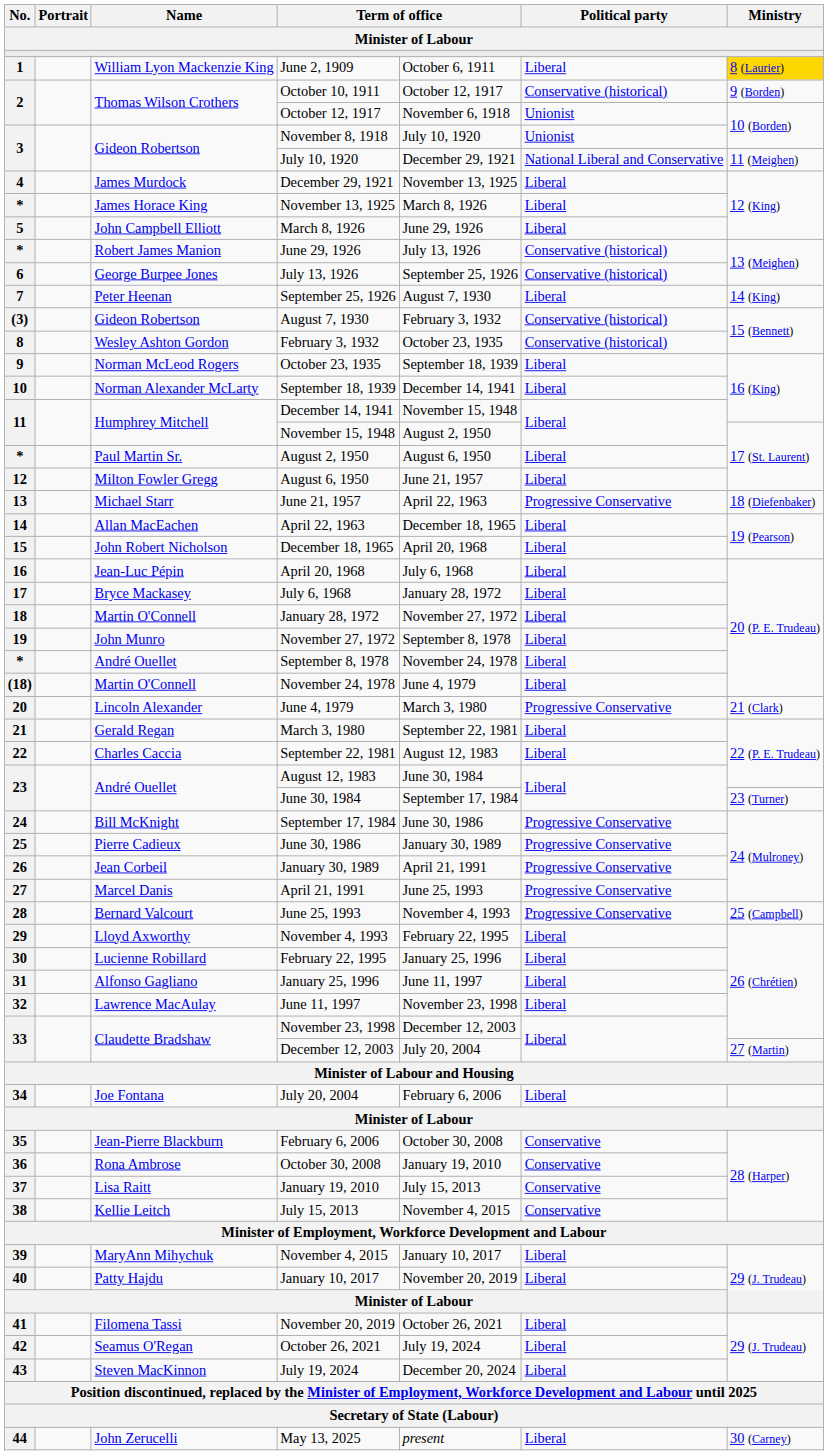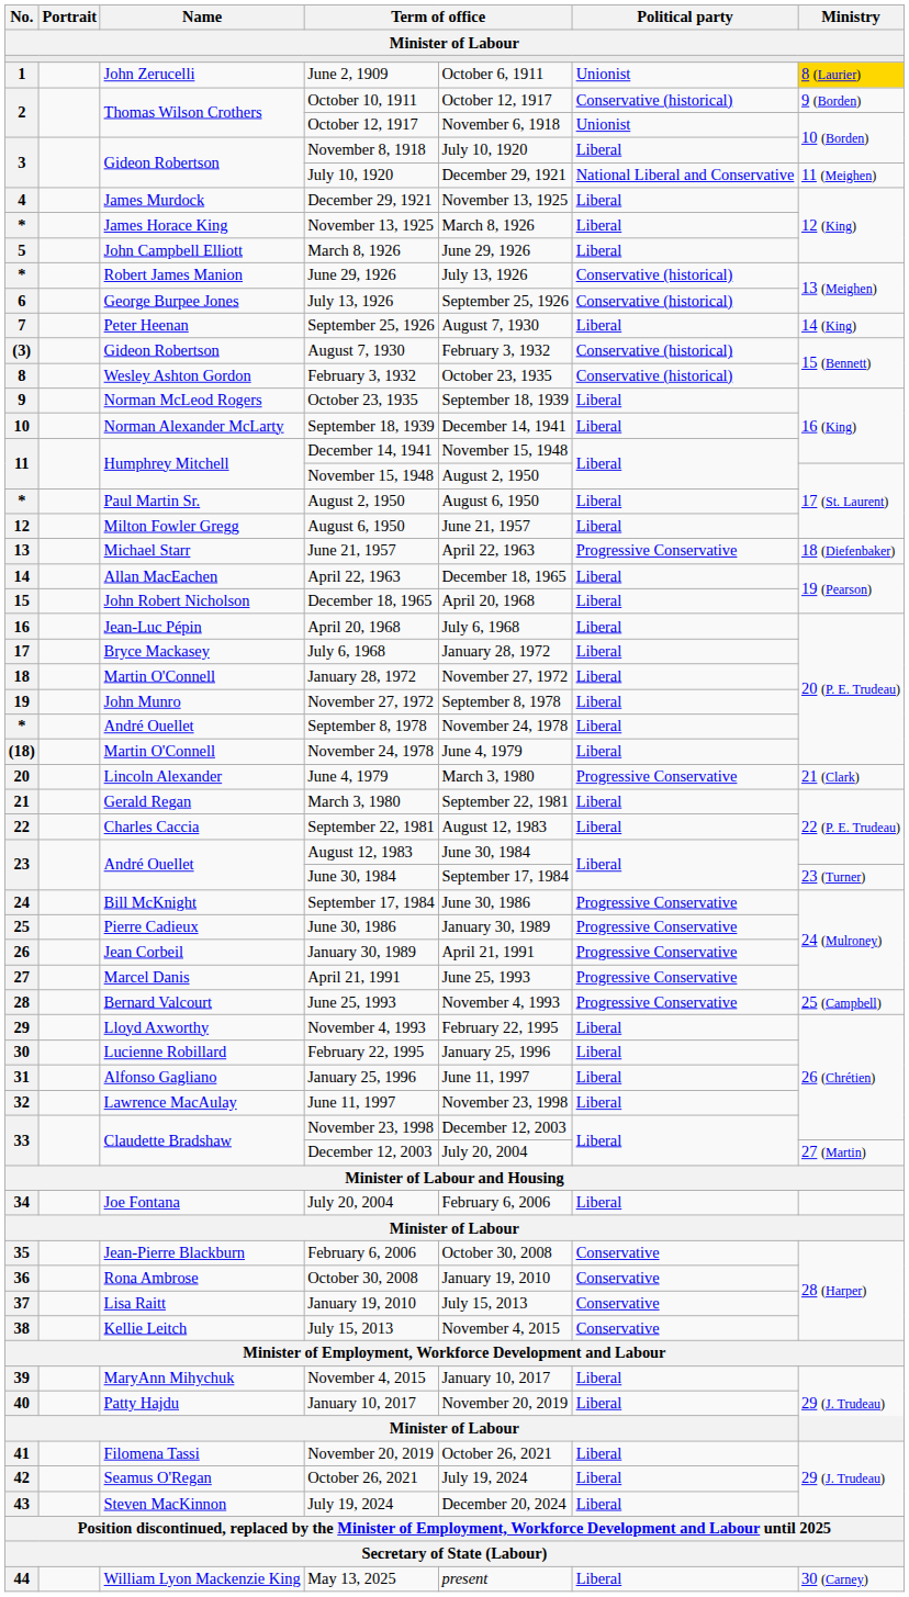 <table class="wikitable">
 <tr>
 <th>No.</th>
 <th>Portrait</th>
 <th>Name</th>
 <th colspan=2>Term of office</th>
 <th>Political party</th>
 <th>Ministry</th>
 </tr>
 <tr>
 <th colspan="7" scope="row">Minister of Labour</th>
 </tr>
 <tr>
 <td colspan="7" style="background: #ececec; color: #2C2C2C; vertical-align: middle;"></td>
 </tr>
 <tr>
 <th scope="row" style="background:">1</th>
 <td></td>
-<td><a href='#'>William Lyon Mackenzie King</a></td>
+<td><a href='#'>John Zerucelli</a></td>
 <td>June 2, 1909</td>
 <td>October 6, 1911</td>
-<td><a href='#'>Liberal</a></td>
+<td><a href='#'>Unionist</a></td>
 <td style="background: gold;"><a href='#'>8</a> <small>(<a href='#'>Laurier</a>)</small></td>
 </tr>
 <tr>
 <th scope="row" rowspan=2 style="background:">2</th>
 <td rowspan=2></td>
 <td rowspan=2><a href='#'>Thomas Wilson Crothers</a></td>
 <td>October 10, 1911</td>
 <td>October 12, 1917</td>
 <td><a href='#'>Conservative (historical)</a></td>
 <td><a href='#'>9</a> <small>(<a href='#'>Borden</a>)</small></td>
 </tr>
 <tr>
 <td>October 12, 1917</td>
 <td>November 6, 1918</td>
 <td><a href='#'>Unionist</a></td>
 <td rowspan=2><a href='#'>10</a> <small>(<a href='#'>Borden</a>)</small></td>
 </tr>
 <tr>
 <th scope="row" rowspan=2 style="background:">3</th>
 <td rowspan=2></td>
 <td rowspan=2><a href='#'>Gideon Robertson</a><br></td>
 <td>November 8, 1918</td>
 <td>July 10, 1920</td>
-<td><a href='#'>Unionist</a></td>
+<td><a href='#'>Liberal</a></td>
 </tr>
 <tr>
 <td>July 10, 1920</td>
 <td>December 29, 1921</td>
 <td><a href='#'>National Liberal and Conservative</a></td>
 <td><a href='#'>11</a> <small>(<a href='#'>Meighen</a>)</small></td>
 </tr>
 <tr>
 <th scope="row" style="background:">4</th>
 <td></td>
 <td><a href='#'>James Murdock</a></td>
 <td>December 29, 1921</td>
 <td>November 13, 1925</td>
 <td><a href='#'>Liberal</a></td>
 <td rowspan=3><a href='#'>12</a> <small>(<a href='#'>King</a>)</small></td>
 </tr>
 <tr>
 <th scope="row" style="background:">*</th>
 <td></td>
 <td><a href='#'>James Horace King</a><br></td>
 <td>November 13, 1925</td>
 <td>March 8, 1926</td>
 <td><a href='#'>Liberal</a></td>
 </tr>
 <tr>
 <th scope="row" style="background:">5</th>
 <td></td>
 <td><a href='#'>John Campbell Elliott</a></td>
 <td>March 8, 1926</td>
 <td>June 29, 1926</td>
 <td><a href='#'>Liberal</a></td>
 </tr>
 <tr>
 <th scope="row" style="background:">*</th>
 <td></td>
 <td><a href='#'>Robert James Manion</a><br></td>
 <td>June 29, 1926</td>
 <td>July 13, 1926</td>
 <td><a href='#'>Conservative (historical)</a></td>
 <td rowspan=2><a href='#'>13</a> <small>(<a href='#'>Meighen</a>)</small></td>
 </tr>
 <tr>
 <th scope="row" style="background:">6</th>
 <td></td>
 <td><a href='#'>George Burpee Jones</a></td>
 <td>July 13, 1926</td>
 <td>September 25, 1926</td>
 <td><a href='#'>Conservative (historical)</a></td>
 </tr>
 <tr>
 <th scope="row" style="background:">7</th>
 <td></td>
 <td><a href='#'>Peter Heenan</a></td>
 <td>September 25, 1926</td>
 <td>August 7, 1930</td>
 <td><a href='#'>Liberal</a></td>
 <td><a href='#'>14</a> <small>(<a href='#'>King</a>)</small></td>
 </tr>
 <tr>
 <th scope="row" style="background:">(3)</th>
 <td></td>
 <td><a href='#'>Gideon Robertson</a><br></td>
 <td>August 7, 1930</td>
 <td>February 3, 1932</td>
 <td><a href='#'>Conservative (historical)</a></td>
 <td rowspan=2><a href='#'>15</a> <small>(<a href='#'>Bennett</a>)</small></td>
 </tr>
 <tr>
 <th scope="row" style="background:">8</th>
 <td></td>
 <td><a href='#'>Wesley Ashton Gordon</a></td>
 <td>February 3, 1932</td>
 <td>October 23, 1935</td>
 <td><a href='#'>Conservative (historical)</a></td>
 </tr>
 <tr>
 <th scope="row" style="background:">9</th>
 <td></td>
 <td><a href='#'>Norman McLeod Rogers</a></td>
 <td>October 23, 1935</td>
 <td>September 18, 1939</td>
 <td><a href='#'>Liberal</a></td>
 <td rowspan=3><a href='#'>16</a> <small>(<a href='#'>King</a>)</small></td>
 </tr>
 <tr>
 <th scope="row" style="background:">10</th>
 <td></td>
 <td><a href='#'>Norman Alexander McLarty</a></td>
 <td>September 18, 1939</td>
 <td>December 14, 1941</td>
 <td><a href='#'>Liberal</a></td>
 </tr>
 <tr>
 <th scope="row" rowspan=2 style="background:">11</th>
 <td rowspan=2></td>
 <td rowspan=2><a href='#'>Humphrey Mitchell</a></td>
 <td>December 14, 1941</td>
 <td>November 15, 1948</td>
 <td rowspan=2><a href='#'>Liberal</a></td>
 </tr>
 <tr>
 <td>November 15, 1948</td>
 <td>August 2, 1950</td>
 <td rowspan=3><a href='#'>17</a> <small>(<a href='#'>St. Laurent</a>)</small></td>
 </tr>
 <tr>
 <th scope="row" style="background:">*</th>
 <td></td>
 <td><a href='#'>Paul Martin Sr.</a><br></td>
 <td>August 2, 1950</td>
 <td>August 6, 1950</td>
 <td><a href='#'>Liberal</a></td>
 </tr>
 <tr>
 <th scope="row" style="background:">12</th>
 <td></td>
 <td><a href='#'>Milton Fowler Gregg</a></td>
 <td>August 6, 1950</td>
 <td>June 21, 1957</td>
 <td><a href='#'>Liberal</a></td>
 </tr>
 <tr>
 <th scope="row" style="background:">13</th>
 <td></td>
 <td><a href='#'>Michael Starr</a></td>
 <td>June 21, 1957</td>
 <td>April 22, 1963</td>
 <td><a href='#'>Progressive Conservative</a></td>
 <td><a href='#'>18</a> <small>(<a href='#'>Diefenbaker</a>)</small></td>
 </tr>
 <tr>
 <th scope="row" style="background:">14</th>
 <td></td>
 <td><a href='#'>Allan MacEachen</a></td>
 <td>April 22, 1963</td>
 <td>December 18, 1965</td>
 <td><a href='#'>Liberal</a></td>
 <td rowspan=2><a href='#'>19</a> <small>(<a href='#'>Pearson</a>)</small></td>
 </tr>
 <tr>
 <th scope="row" style="background:">15</th>
 <td></td>
 <td><a href='#'>John Robert Nicholson</a></td>
 <td>December 18, 1965</td>
 <td>April 20, 1968</td>
 <td><a href='#'>Liberal</a></td>
 </tr>
 <tr>
 <th scope="row" style="background:">16</th>
 <td></td>
 <td><a href='#'>Jean-Luc Pépin</a></td>
 <td>April 20, 1968</td>
 <td>July 6, 1968</td>
 <td><a href='#'>Liberal</a></td>
 <td rowspan=6><a href='#'>20</a> <small>(<a href='#'>P. E. Trudeau</a>)</small></td>
 </tr>
 <tr>
 <th scope="row" style="background:">17</th>
 <td></td>
 <td><a href='#'>Bryce Mackasey</a></td>
 <td>July 6, 1968</td>
 <td>January 28, 1972</td>
 <td><a href='#'>Liberal</a></td>
 </tr>
 <tr>
 <th scope="row" style="background:">18</th>
 <td></td>
 <td><a href='#'>Martin O'Connell</a></td>
 <td>January 28, 1972</td>
 <td>November 27, 1972</td>
 <td><a href='#'>Liberal</a></td>
 </tr>
 <tr>
 <th scope="row" style="background:">19</th>
 <td></td>
 <td><a href='#'>John Munro</a></td>
 <td>November 27, 1972</td>
 <td>September 8, 1978</td>
 <td><a href='#'>Liberal</a></td>
 </tr>
 <tr>
 <th scope="row" style="background:">*</th>
 <td></td>
 <td><a href='#'>André Ouellet</a><br></td>
 <td>September 8, 1978</td>
 <td>November 24, 1978</td>
 <td><a href='#'>Liberal</a></td>
 </tr>
 <tr>
 <th scope="row" style="background:">(18)</th>
 <td></td>
 <td><a href='#'>Martin O'Connell</a><br></td>
 <td>November 24, 1978</td>
 <td>June 4, 1979</td>
 <td><a href='#'>Liberal</a></td>
 </tr>
 <tr>
 <th scope="row" style="background:">20</th>
 <td></td>
 <td><a href='#'>Lincoln Alexander</a></td>
 <td>June 4, 1979</td>
 <td>March 3, 1980</td>
 <td><a href='#'>Progressive Conservative</a></td>
 <td><a href='#'>21</a> <small>(<a href='#'>Clark</a>)</small></td>
 </tr>
 <tr>
 <th scope="row" style="background:">21</th>
 <td></td>
 <td><a href='#'>Gerald Regan</a></td>
 <td>March 3, 1980</td>
 <td>September 22, 1981</td>
 <td><a href='#'>Liberal</a></td>
 <td rowspan=3><a href='#'>22</a> <small>(<a href='#'>P. E. Trudeau</a>)</small></td>
 </tr>
 <tr>
 <th scope="row" style="background:">22</th>
 <td></td>
 <td><a href='#'>Charles Caccia</a></td>
 <td>September 22, 1981</td>
 <td>August 12, 1983</td>
 <td><a href='#'>Liberal</a></td>
 </tr>
 <tr>
 <th scope="row" rowspan=2 style="background:">23</th>
 <td rowspan=2></td>
 <td rowspan=2><a href='#'>André Ouellet</a></td>
 <td>August 12, 1983</td>
 <td>June 30, 1984</td>
 <td rowspan=2><a href='#'>Liberal</a></td>
 </tr>
 <tr>
 <td>June 30, 1984</td>
 <td>September 17, 1984</td>
 <td><a href='#'>23</a> <small>(<a href='#'>Turner</a>)</small></td>
 </tr>
 <tr>
 <th scope="row" style="background:">24</th>
 <td></td>
 <td><a href='#'>Bill McKnight</a></td>
 <td>September 17, 1984</td>
 <td>June 30, 1986</td>
 <td><a href='#'>Progressive Conservative</a></td>
 <td rowspan=4><a href='#'>24</a> <small>(<a href='#'>Mulroney</a>)</small></td>
 </tr>
 <tr>
 <th scope="row" style="background:">25</th>
 <td></td>
 <td><a href='#'>Pierre Cadieux</a></td>
 <td>June 30, 1986</td>
 <td>January 30, 1989</td>
 <td><a href='#'>Progressive Conservative</a></td>
 </tr>
 <tr>
 <th scope="row" style="background:">26</th>
 <td></td>
 <td><a href='#'>Jean Corbeil</a></td>
 <td>January 30, 1989</td>
 <td>April 21, 1991</td>
 <td><a href='#'>Progressive Conservative</a></td>
 </tr>
 <tr>
 <th scope="row" style="background:">27</th>
 <td></td>
 <td><a href='#'>Marcel Danis</a></td>
 <td>April 21, 1991</td>
 <td>June 25, 1993</td>
 <td><a href='#'>Progressive Conservative</a></td>
 </tr>
 <tr>
 <th scope="row" style="background:">28</th>
 <td></td>
 <td><a href='#'>Bernard Valcourt</a></td>
 <td>June 25, 1993</td>
 <td>November 4, 1993</td>
 <td><a href='#'>Progressive Conservative</a></td>
 <td><a href='#'>25</a> <small>(<a href='#'>Campbell</a>)</small></td>
 </tr>
 <tr>
 <th scope="row" style="background:">29</th>
 <td></td>
 <td><a href='#'>Lloyd Axworthy</a></td>
 <td>November 4, 1993</td>
 <td>February 22, 1995</td>
 <td><a href='#'>Liberal</a></td>
 <td rowspan=5><a href='#'>26</a> <small>(<a href='#'>Chrétien</a>)</small></td>
 </tr>
 <tr>
 <th scope="row" style="background:">30</th>
 <td></td>
 <td><a href='#'>Lucienne Robillard</a></td>
 <td>February 22, 1995</td>
 <td>January 25, 1996</td>
 <td><a href='#'>Liberal</a></td>
 </tr>
 <tr>
 <th scope="row" style="background:">31</th>
 <td></td>
 <td><a href='#'>Alfonso Gagliano</a></td>
 <td>January 25, 1996</td>
 <td>June 11, 1997</td>
 <td><a href='#'>Liberal</a></td>
 </tr>
 <tr>
 <th scope="row" style="background:">32</th>
 <td></td>
 <td><a href='#'>Lawrence MacAulay</a></td>
 <td>June 11, 1997</td>
 <td>November 23, 1998</td>
 <td><a href='#'>Liberal</a></td>
 </tr>
 <tr>
 <th scope="row" rowspan=2 style="background:">33</th>
 <td rowspan=2></td>
 <td rowspan=2><a href='#'>Claudette Bradshaw</a></td>
 <td>November 23, 1998</td>
 <td>December 12, 2003</td>
 <td rowspan=2><a href='#'>Liberal</a></td>
 </tr>
 <tr>
 <td>December 12, 2003</td>
 <td>July 20, 2004</td>
 <td><a href='#'>27</a> <small>(<a href='#'>Martin</a>)</small></td>
 </tr>
 <tr>
 <th colspan="7">Minister of Labour and Housing</th>
 </tr>
 <tr>
 <th scope="row" style="background:">34</th>
 <td></td>
 <td><a href='#'>Joe Fontana</a></td>
 <td>July 20, 2004</td>
 <td>February 6, 2006</td>
 <td><a href='#'>Liberal</a></td>
 <td></td>
 </tr>
 <tr>
 <th colspan="7">Minister of Labour</th>
 </tr>
 <tr>
 <th scope="row" style="background:">35</th>
 <td></td>
 <td><a href='#'>Jean-Pierre Blackburn</a></td>
 <td>February 6, 2006</td>
 <td>October 30, 2008</td>
 <td><a href='#'>Conservative</a></td>
 <td rowspan=4><a href='#'>28</a> <small>(<a href='#'>Harper</a>)</small></td>
 </tr>
 <tr>
 <th scope="row" style="background:">36</th>
 <td></td>
 <td><a href='#'>Rona Ambrose</a></td>
 <td>October 30, 2008</td>
 <td>January 19, 2010</td>
 <td><a href='#'>Conservative</a></td>
 </tr>
 <tr>
 <th scope="row" style="background:">37</th>
 <td></td>
 <td><a href='#'>Lisa Raitt</a></td>
 <td>January 19, 2010</td>
 <td>July 15, 2013</td>
 <td><a href='#'>Conservative</a></td>
 </tr>
 <tr>
 <th scope="row" style="background:">38</th>
 <td></td>
 <td><a href='#'>Kellie Leitch</a></td>
 <td>July 15, 2013</td>
 <td>November 4, 2015</td>
 <td><a href='#'>Conservative</a></td>
 </tr>
 <tr>
 <th colspan="7" scope="row">Minister of Employment, Workforce Development and Labour</th>
 </tr>
 <tr>
 <th scope="row" style="background:">39</th>
 <td></td>
 <td><a href='#'>MaryAnn Mihychuk</a></td>
 <td>November 4, 2015</td>
 <td>January 10, 2017</td>
 <td><a href='#'>Liberal</a></td>
 <td rowspan=3><a href='#'>29</a> <small>(<a href='#'>J. Trudeau</a>)</small></td>
 </tr>
 <tr>
 <th scope="row" style="background:">40</th>
 <td></td>
 <td><a href='#'>Patty Hajdu</a></td>
 <td>January 10, 2017</td>
 <td>November 20, 2019</td>
 <td><a href='#'>Liberal</a></td>
 </tr>
 <tr>
 <th colspan="7" scope="row">Minister of Labour</th>
 </tr>
 <tr>
 <th scope="row" style="background:">41</th>
 <td></td>
 <td><a href='#'>Filomena Tassi</a></td>
 <td>November 20, 2019</td>
 <td>October 26, 2021</td>
 <td><a href='#'>Liberal</a></td>
 <td rowspan=3><a href='#'>29</a> <small>(<a href='#'>J. Trudeau</a>)</small></td>
 </tr>
 <tr>
 <th scope="row" style="background:">42</th>
 <td></td>
 <td><a href='#'>Seamus O'Regan</a></td>
 <td>October 26, 2021</td>
 <td>July 19, 2024</td>
 <td><a href='#'>Liberal</a></td>
 </tr>
 <tr>
 <th scope="row" style="background:">43</th>
 <td></td>
 <td><a href='#'>Steven MacKinnon</a></td>
 <td>July 19, 2024</td>
 <td>December 20, 2024</td>
 <td><a href='#'>Liberal</a></td>
 </tr>
 <tr>
 <th colspan=7>Position discontinued, replaced by the <a href='#'>Minister of Employment, Workforce Development and Labour</a> until 2025</th>
 </tr>
 <tr>
 <th colspan="7" scope="row">Secretary of State (Labour)</th>
 </tr>
 <tr>
 <th scope="row" style="background:">44</th>
 <td></td>
-<td><a href='#'>John Zerucelli</a></td>
+<td><a href='#'>William Lyon Mackenzie King</a></td>
 <td>May 13, 2025</td>
 <td><em>present</em></td>
 <td><a href='#'>Liberal</a></td>
 <td rowspan=1><a href='#'>30</a> <small>(<a href='#'>Carney</a>)</small></td>
 </tr>
 </table>
